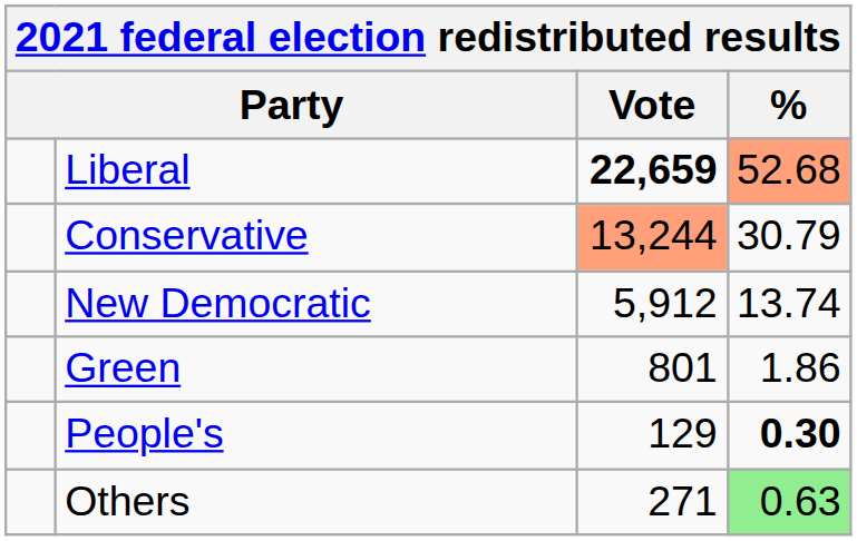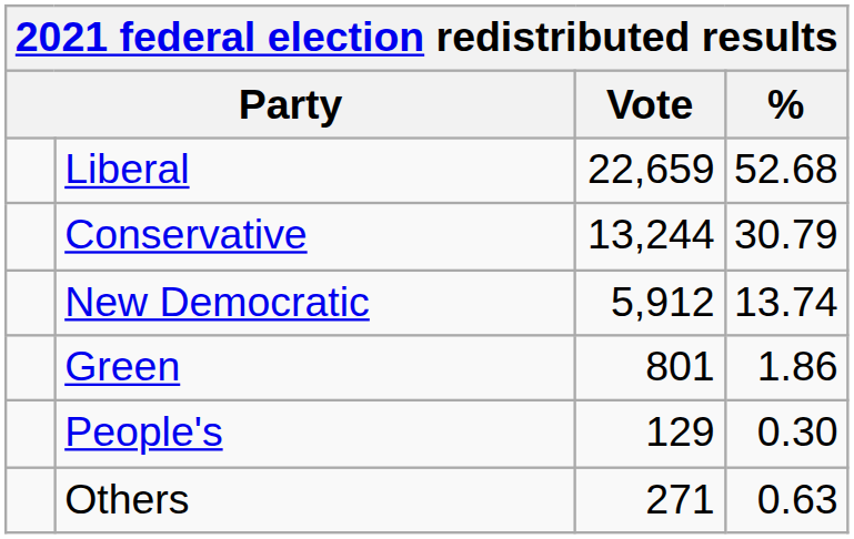 <table class="wikitable">
 <tr>
 <th colspan="4"><a href='#'>2021 federal election</a> redistributed results</th>
 </tr>
 <tr>
 <th bgcolor="#DDDDFF" width="130px" colspan="2">Party</th>
 <th bgcolor="#DDDDFF" width="50px">Vote</th>
 <th bgcolor="#DDDDFF" width="30px">%</th>
 </tr>
 <tr>
 <td> </td>
 <td><a href='#'>Liberal</a></td>
-<td align=right><strong>22,659</strong></td>
-<td align=right style="background: lightsalmon;">52.68</td>
+<td align=right>22,659</td>
+<td align=right>52.68</td>
 </tr>
 <tr>
 <td> </td>
 <td><a href='#'>Conservative</a></td>
-<td align=right style="background: lightsalmon;">13,244</td>
+<td align=right>13,244</td>
 <td align=right>30.79</td>
 </tr>
 <tr>
 <td> </td>
 <td><a href='#'>New Democratic</a></td>
 <td align=right>5,912</td>
 <td align=right>13.74</td>
 </tr>
 <tr>
 <td> </td>
 <td><a href='#'>Green</a></td>
 <td align=right>801</td>
 <td align=right>1.86</td>
 </tr>
 <tr>
 <td> </td>
 <td><a href='#'>People's</a></td>
 <td align=right>129</td>
-<td align=right><strong>0.30</strong></td>
+<td align=right>0.30</td>
 </tr>
 <tr>
 <td> </td>
 <td>Others</td>
 <td align=right>271</td>
-<td align=right style="background: lightgreen;">0.63</td>
+<td align=right>0.63</td>
 </tr>
 </table>
